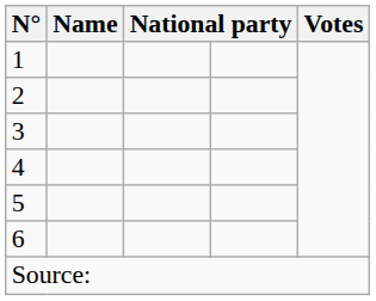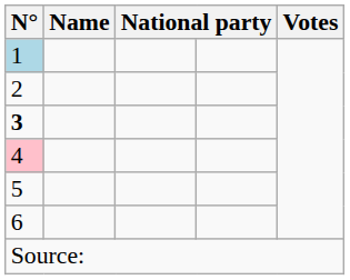 <table class="wikitable sortable" style="font-size:95%;line-height:14px;">
 <tr>
 <th>N°</th>
 <th>Name</th>
 <th colspan="2">National party</th>
 <th>Votes</th>
 </tr>
 <tr>
-<td>1</td>
+<td style="background: lightblue;">1</td>
 <td><em></em></td>
 <td></td>
 <td></td>
 </tr>
 <tr>
 <td>2</td>
 <td></td>
 <td></td>
 <td></td>
 </tr>
 <tr>
-<td>3</td>
+<td><strong>3</strong></td>
 <td></td>
 <td></td>
 <td></td>
 </tr>
 <tr>
-<td>4</td>
+<td style="background: pink;">4</td>
 <td></td>
 <td></td>
 <td></td>
 </tr>
 <tr>
 <td>5</td>
 <td></td>
 <td></td>
 <td></td>
 </tr>
 <tr>
 <td>6</td>
 <td></td>
 <td></td>
 <td></td>
 </tr>
 <tr>
 <td colspan="5">Source: </td>
 </tr>
 </table>
